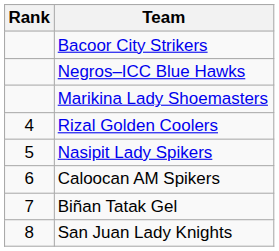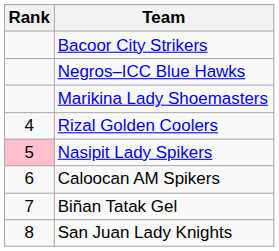 <table class="wikitable" style="text-align: center;">
 <tr>
 <th width=>Rank</th>
 <th width=200>Team</th>
 </tr>
 <tr>
 <td></td>
 <td style="text-align:left"><a href='#'>Bacoor City Strikers</a></td>
 </tr>
 <tr>
 <td></td>
 <td style="text-align:left"><a href='#'>Negros–ICC Blue Hawks</a></td>
 </tr>
 <tr>
 <td></td>
 <td style="text-align:left"><a href='#'>Marikina Lady Shoemasters</a></td>
 </tr>
 <tr>
 <td>4</td>
 <td style="text-align:left"><a href='#'>Rizal Golden Coolers</a></td>
 </tr>
 <tr>
-<td>5</td>
+<td style="background: pink;">5</td>
 <td style="text-align:left"><a href='#'>Nasipit Lady Spikers</a></td>
 </tr>
 <tr>
 <td>6</td>
 <td style="text-align:left">Caloocan AM Spikers</td>
 </tr>
 <tr>
 <td>7</td>
 <td style="text-align:left">Biñan Tatak Gel</td>
 </tr>
 <tr>
 <td>8</td>
 <td style="text-align:left">San Juan Lady Knights</td>
 </tr>
 </table>
